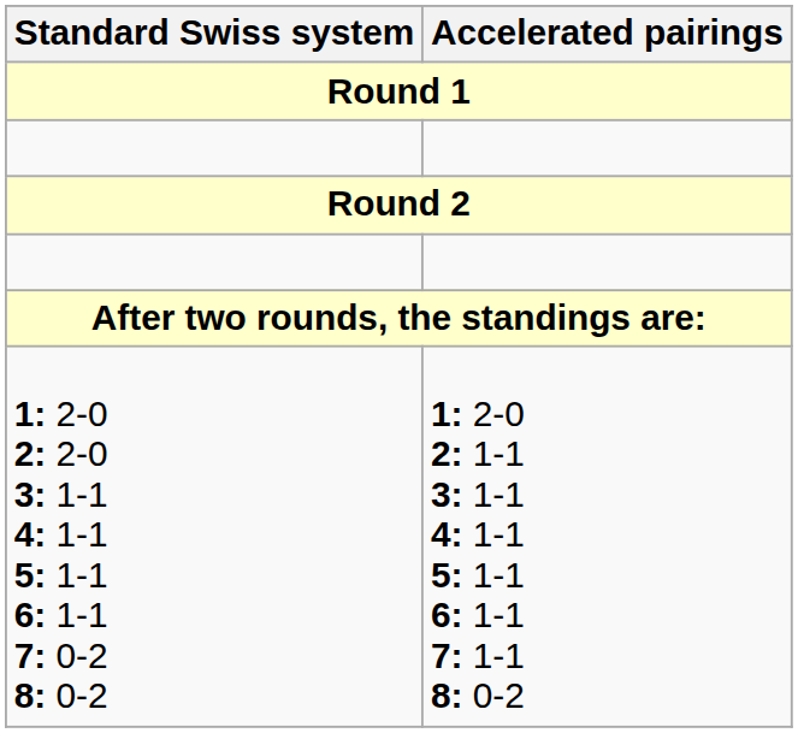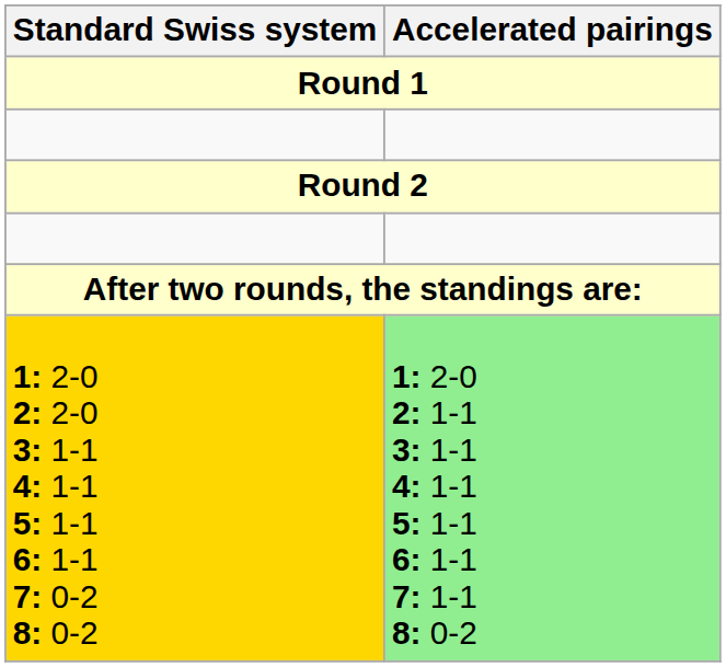 <table class="wikitable">
 <tr>
 <th>Standard Swiss system</th>
 <th>Accelerated pairings</th>
 </tr>
 <tr>
 <th style="background:#FFFFCC;" colspan=2>Round 1</th>
 </tr>
 <tr>
 <td><br></td>
 <td><br></td>
 </tr>
 <tr>
 <th style="background:#FFFFCC;" colspan=2>Round 2</th>
 </tr>
 <tr ->
 <td><br></td>
 <td><br></td>
 </tr>
 <tr>
 <th style="background:#FFFFCC;" colspan=2>After two rounds, the standings are:</th>
 </tr>
 <tr>
-<td><br><strong>1:</strong> 2-0<br> <strong>2:</strong> 2-0<br> <strong>3:</strong> 1-1<br> <strong>4:</strong> 1-1<br> <strong>5:</strong> 1-1<br> <strong>6:</strong> 1-1<br> <strong>7:</strong> 0-2<br> <strong>8:</strong> 0-2</td>
-<td><br><strong>1:</strong> 2-0 <br> <strong>2:</strong> 1-1 <br> <strong>3:</strong> 1-1 <br> <strong>4:</strong> 1-1 <br> <strong>5:</strong> 1-1 <br> <strong>6:</strong> 1-1 <br> <strong>7:</strong> 1-1 <br> <strong>8:</strong> 0-2</td>
+<td style="background: gold;"><br><strong>1:</strong> 2-0<br> <strong>2:</strong> 2-0<br> <strong>3:</strong> 1-1<br> <strong>4:</strong> 1-1<br> <strong>5:</strong> 1-1<br> <strong>6:</strong> 1-1<br> <strong>7:</strong> 0-2<br> <strong>8:</strong> 0-2</td>
+<td style="background: lightgreen;"><br><strong>1:</strong> 2-0 <br> <strong>2:</strong> 1-1 <br> <strong>3:</strong> 1-1 <br> <strong>4:</strong> 1-1 <br> <strong>5:</strong> 1-1 <br> <strong>6:</strong> 1-1 <br> <strong>7:</strong> 1-1 <br> <strong>8:</strong> 0-2</td>
 </tr>
 </table>
